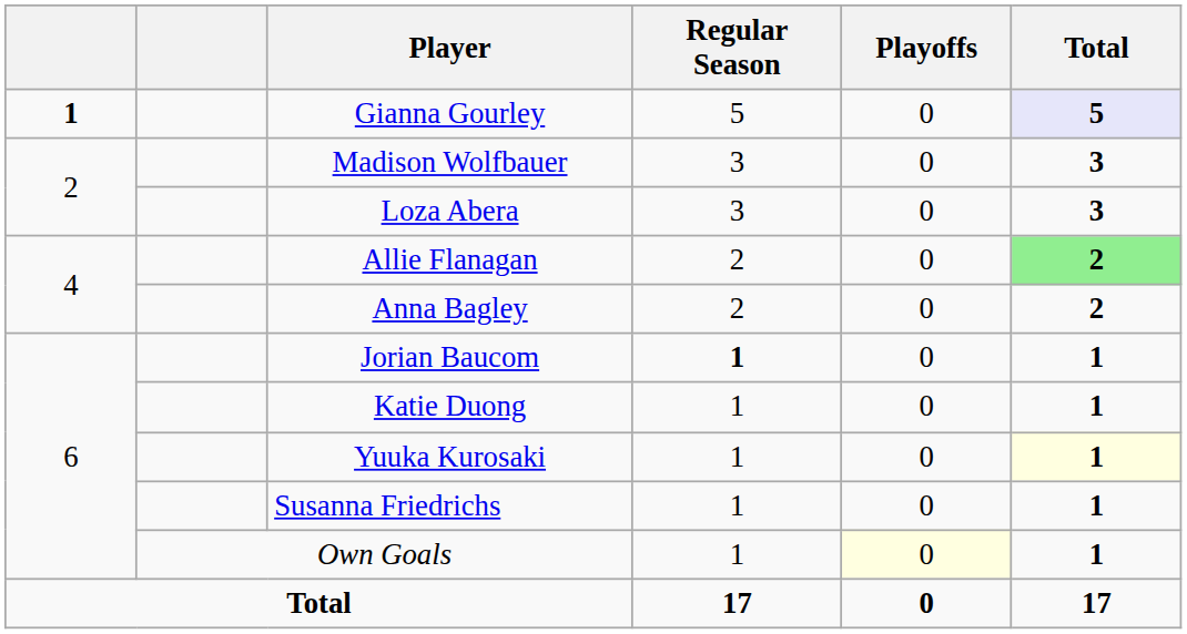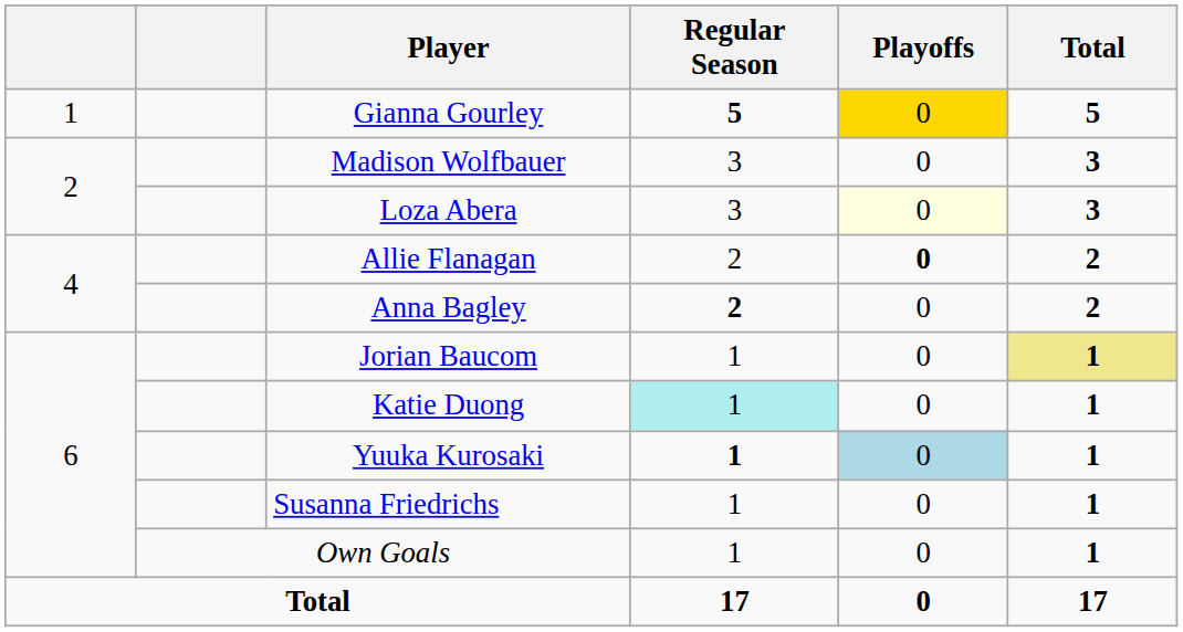 <table class="wikitable" style="font-size: 95%; text-align: center;">
 <tr>
 <th width=60></th>
 <th width=60></th>
 <th width=180>Player</th>
 <th width=100>Regular Season</th>
 <th width="80">Playoffs</th>
 <th width=80>Total</th>
 </tr>
 <tr>
-<td><strong>1</strong></td>
+<td>1</td>
 <td></td>
 <td><a href='#'>Gianna Gourley</a></td>
-<td>5</td>
-<td>0</td>
-<td style="background: lavender;"><strong>5</strong></td>
+<td><strong>5</strong></td>
+<td style="background: gold;">0</td>
+<td><strong>5</strong></td>
 </tr>
 <tr>
 <td rowspan="2">2</td>
 <td></td>
 <td><a href='#'>Madison Wolfbauer</a></td>
 <td>3</td>
 <td>0</td>
 <td><strong>3</strong></td>
 </tr>
 <tr>
 <td></td>
 <td><a href='#'>Loza Abera</a></td>
 <td>3</td>
-<td>0</td>
+<td style="background: lightyellow;">0</td>
 <td><strong>3</strong></td>
 </tr>
 <tr>
 <td rowspan="2">4</td>
 <td></td>
 <td><a href='#'>Allie Flanagan</a></td>
 <td>2</td>
-<td>0</td>
-<td style="background: lightgreen;"><strong>2</strong></td>
+<td><strong>0</strong></td>
+<td><strong>2</strong></td>
 </tr>
 <tr>
 <td></td>
 <td><a href='#'>Anna Bagley</a></td>
-<td>2</td>
+<td><strong>2</strong></td>
 <td>0</td>
 <td><strong>2</strong></td>
 </tr>
 <tr>
 <td rowspan="5">6</td>
 <td></td>
 <td><a href='#'>Jorian Baucom</a></td>
-<td><strong>1</strong></td>
+<td>1</td>
 <td>0</td>
-<td><strong>1</strong></td>
+<td style="background: khaki;"><strong>1</strong></td>
 </tr>
 <tr>
 <td></td>
 <td><a href='#'>Katie Duong</a></td>
-<td>1</td>
+<td style="background: paleturquoise;">1</td>
 <td>0</td>
 <td><strong>1</strong></td>
 </tr>
 <tr>
 <td></td>
 <td><a href='#'>Yuuka Kurosaki</a></td>
-<td>1</td>
-<td>0</td>
-<td style="background: lightyellow;"><strong>1</strong></td>
+<td><strong>1</strong></td>
+<td style="background: lightblue;">0</td>
+<td><strong>1</strong></td>
 </tr>
 <tr>
 <td></td>
 <td align="left"><a href='#'>Susanna Friedrichs</a></td>
 <td>1</td>
 <td>0</td>
 <td><strong>1</strong></td>
 </tr>
 <tr>
 <td colspan="2"><em>Own Goals</em></td>
 <td>1</td>
-<td style="background: lightyellow;">0</td>
+<td>0</td>
 <td><strong>1</strong></td>
 </tr>
 <tr>
 <td colspan="3"><strong>Total</strong></td>
 <td><strong>17</strong></td>
 <td><strong>0</strong></td>
 <td><strong>17</strong></td>
 </tr>
 </table>
